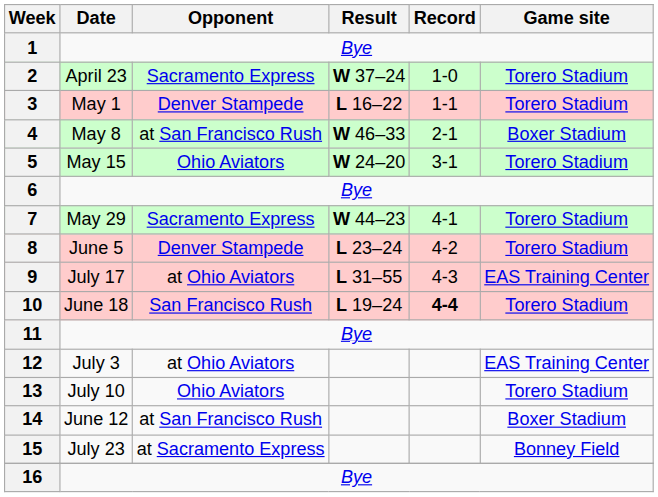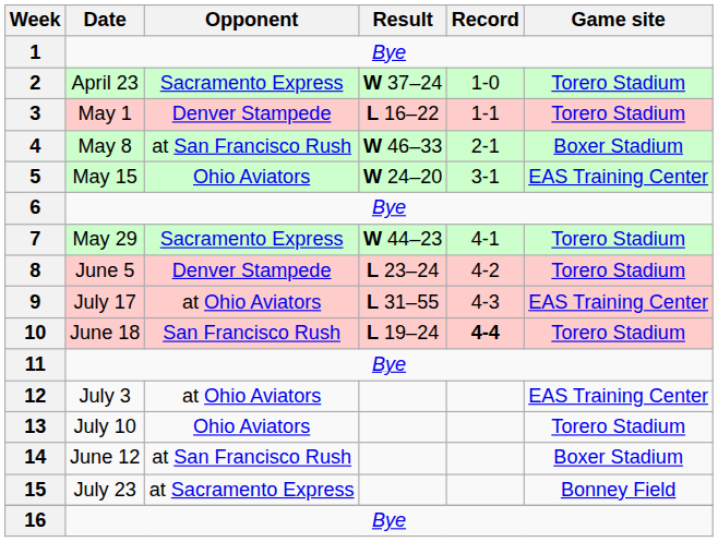 <table class="wikitable" style="text-align:center">
 <tr>
 <th>Week</th>
 <th>Date</th>
 <th>Opponent</th>
 <th>Result</th>
 <th>Record</th>
 <th>Game site</th>
 </tr>
 <tr>
 <th>1</th>
 <td colspan=8><em><a href='#'>Bye</a></em></td>
 </tr>
 <tr style="background:#cfc">
 <th>2</th>
 <td>April 23</td>
 <td><a href='#'>Sacramento Express</a></td>
 <td><strong>W</strong> 37–24</td>
 <td>1-0</td>
 <td><a href='#'>Torero Stadium</a></td>
 </tr>
 <tr style="background:#fcc">
 <th>3</th>
 <td>May 1</td>
 <td><a href='#'>Denver Stampede</a></td>
 <td><strong>L</strong> 16–22</td>
 <td>1-1</td>
 <td><a href='#'>Torero Stadium</a></td>
 </tr>
 <tr style="background:#cfc">
 <th>4</th>
 <td>May 8</td>
 <td>at <a href='#'>San Francisco Rush</a></td>
 <td><strong>W</strong> 46–33</td>
 <td>2-1</td>
 <td><a href='#'>Boxer Stadium</a></td>
 </tr>
 <tr style="background:#cfc">
 <th>5</th>
 <td>May 15</td>
 <td><a href='#'>Ohio Aviators</a></td>
 <td><strong>W</strong> 24–20</td>
 <td>3-1</td>
-<td><a href='#'>Torero Stadium</a></td>
+<td><a href='#'>EAS Training Center</a></td>
 </tr>
 <tr>
 <th>6</th>
 <td colspan=8><em><a href='#'>Bye</a></em></td>
 </tr>
 <tr style="background:#cfc">
 <th>7</th>
 <td>May 29</td>
 <td><a href='#'>Sacramento Express</a></td>
 <td><strong>W</strong> 44–23</td>
 <td>4-1</td>
 <td><a href='#'>Torero Stadium</a></td>
 </tr>
 <tr style="background:#fcc">
 <th>8</th>
 <td>June 5</td>
 <td><a href='#'>Denver Stampede</a></td>
 <td><strong>L</strong> 23–24</td>
 <td>4-2</td>
 <td><a href='#'>Torero Stadium</a></td>
 </tr>
 <tr style="background:#fcc">
 <th>9</th>
 <td>July 17</td>
 <td>at <a href='#'>Ohio Aviators</a></td>
 <td><strong>L</strong> 31–55</td>
 <td>4-3</td>
 <td><a href='#'>EAS Training Center</a></td>
 </tr>
 <tr style="background:#fcc">
 <th>10</th>
 <td>June 18</td>
 <td><a href='#'>San Francisco Rush</a></td>
 <td><strong>L</strong> 19–24</td>
 <td><strong>4-4</strong></td>
 <td><a href='#'>Torero Stadium</a></td>
 </tr>
 <tr>
 <th>11</th>
 <td colspan=8><em><a href='#'>Bye</a></em></td>
 </tr>
 <tr style="background:#">
 <th>12</th>
 <td>July 3</td>
 <td>at <a href='#'>Ohio Aviators</a></td>
 <td></td>
 <td></td>
 <td><a href='#'>EAS Training Center</a></td>
 </tr>
 <tr style="background:#">
 <th>13</th>
 <td>July 10</td>
 <td><a href='#'>Ohio Aviators</a></td>
 <td></td>
 <td></td>
 <td><a href='#'>Torero Stadium</a></td>
 </tr>
 <tr style="background:#">
 <th>14</th>
 <td>June 12</td>
 <td>at <a href='#'>San Francisco Rush</a></td>
 <td></td>
 <td></td>
 <td><a href='#'>Boxer Stadium</a></td>
 </tr>
 <tr style="background:#">
 <th>15</th>
 <td>July 23</td>
 <td>at <a href='#'>Sacramento Express</a></td>
 <td></td>
 <td></td>
 <td><a href='#'>Bonney Field</a></td>
 </tr>
 <tr>
 </tr>
 <tr>
 <th>16</th>
 <td colspan=8><em><a href='#'>Bye</a></em></td>
 </tr>
 </table>
